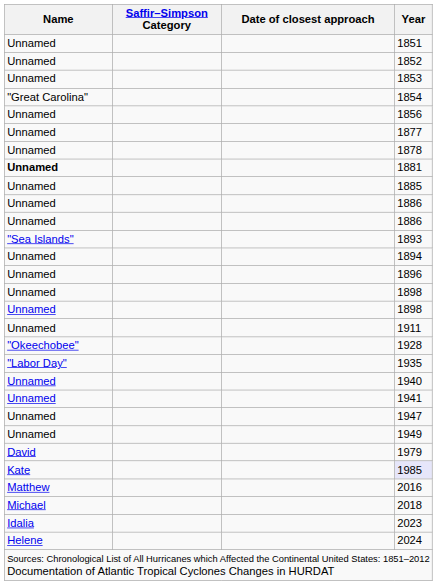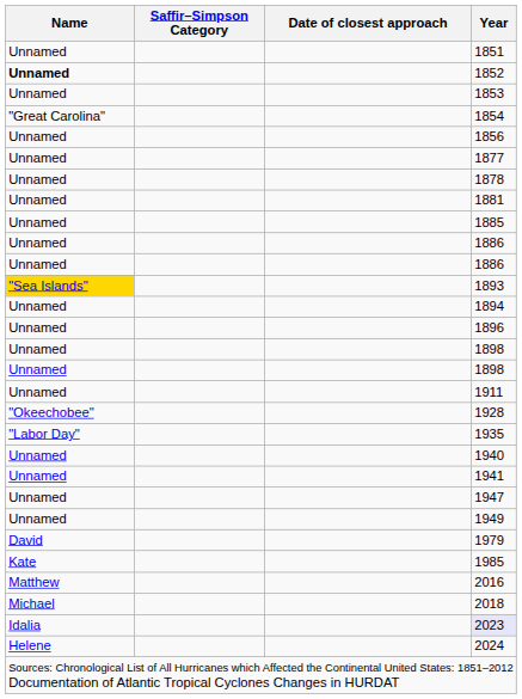 <table class="wikitable sortable" style="margin:1em auto;">
 <tr>
 <th>Name</th>
 <th><a href='#'>Saffir–Simpson</a><br>Category</th>
 <th>Date of closest approach</th>
 <th>Year</th>
 </tr>
 <tr>
 <td>Unnamed</td>
 <td></td>
 <td></td>
 <td>1851</td>
 </tr>
 <tr>
-<td>Unnamed</td>
+<td><strong>Unnamed</strong></td>
 <td></td>
 <td></td>
 <td>1852</td>
 </tr>
 <tr>
 <td>Unnamed</td>
 <td></td>
 <td></td>
 <td>1853</td>
 </tr>
 <tr>
 <td>"Great Carolina"</td>
 <td></td>
 <td></td>
 <td>1854</td>
 </tr>
 <tr>
 <td>Unnamed</td>
 <td></td>
 <td></td>
 <td>1856</td>
 </tr>
 <tr>
 <td>Unnamed</td>
 <td></td>
 <td></td>
 <td>1877</td>
 </tr>
 <tr>
 <td>Unnamed</td>
 <td></td>
 <td></td>
 <td>1878</td>
 </tr>
 <tr>
-<td><strong>Unnamed</strong></td>
+<td>Unnamed</td>
 <td></td>
 <td></td>
 <td>1881</td>
 </tr>
 <tr>
 <td>Unnamed</td>
 <td></td>
 <td></td>
 <td>1885</td>
 </tr>
 <tr>
 <td>Unnamed</td>
 <td></td>
 <td></td>
 <td>1886</td>
 </tr>
 <tr>
 <td>Unnamed</td>
 <td></td>
 <td></td>
 <td>1886</td>
 </tr>
 <tr>
-<td><a href='#'>"Sea Islands"</a></td>
+<td style="background: gold;"><a href='#'>"Sea Islands"</a></td>
 <td></td>
 <td></td>
 <td>1893</td>
 </tr>
 <tr>
 <td>Unnamed</td>
 <td></td>
 <td></td>
 <td>1894</td>
 </tr>
 <tr>
 <td>Unnamed</td>
 <td></td>
 <td></td>
 <td>1896</td>
 </tr>
 <tr>
 <td>Unnamed</td>
 <td></td>
 <td></td>
 <td>1898</td>
 </tr>
 <tr>
 <td><a href='#'>Unnamed</a></td>
 <td></td>
 <td></td>
 <td>1898</td>
 </tr>
 <tr>
 <td>Unnamed</td>
 <td></td>
 <td></td>
 <td>1911</td>
 </tr>
 <tr>
 <td><a href='#'>"Okeechobee"</a></td>
 <td></td>
 <td></td>
 <td>1928</td>
 </tr>
 <tr>
 <td><a href='#'>"Labor Day"</a></td>
 <td></td>
 <td></td>
 <td>1935</td>
 </tr>
 <tr>
 <td><a href='#'>Unnamed</a></td>
 <td></td>
 <td></td>
 <td>1940</td>
 </tr>
 <tr>
 <td><a href='#'>Unnamed</a></td>
 <td></td>
 <td></td>
 <td>1941</td>
 </tr>
 <tr>
 <td>Unnamed</td>
 <td></td>
 <td></td>
 <td>1947</td>
 </tr>
 <tr>
 <td>Unnamed</td>
 <td></td>
 <td></td>
 <td>1949</td>
 </tr>
 <tr>
 <td><a href='#'>David</a></td>
 <td></td>
 <td></td>
 <td>1979</td>
 </tr>
 <tr>
 <td><a href='#'>Kate</a></td>
 <td></td>
 <td></td>
-<td style="background: lavender;">1985</td>
+<td>1985</td>
 </tr>
 <tr>
 <td><a href='#'>Matthew</a></td>
 <td></td>
 <td></td>
 <td>2016</td>
 </tr>
 <tr>
 <td><a href='#'>Michael</a></td>
 <td></td>
 <td></td>
 <td>2018</td>
 </tr>
 <tr>
 <td><a href='#'>Idalia</a></td>
 <td></td>
 <td></td>
-<td>2023</td>
+<td style="background: lavender;">2023</td>
 </tr>
 <tr>
 <td><a href='#'>Helene</a></td>
 <td></td>
 <td></td>
 <td>2024</td>
 </tr>
 <tr>
 <td colspan="9"><small>Sources: Chronological List of All Hurricanes which Affected the Continental United States: 1851–2012</small><br> Documentation of Atlantic Tropical Cyclones Changes in HURDAT</td>
 </tr>
 </table>
